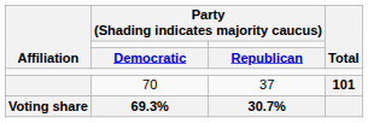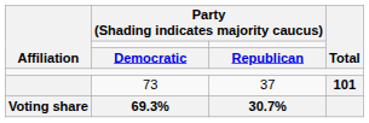 <table class=wikitable style="text-align:center">
 <tr style="vertical-align:bottom;">
 <th rowspan=3>Affiliation</th>
 <th colspan=2>Party <div>(Shading indicates majority caucus)</div></th>
 <th rowspan=3>Total</th>
 </tr>
 <tr style="height:5px">
 <td style="background-color:"></td>
 <td style="background-color:"></td>
 </tr>
 <tr>
 <th><a href='#'>Democratic</a></th>
 <th><a href='#'>Republican</a></th>
 </tr>
 <tr>
 <td colspan=5></td>
 </tr>
 <tr>
 <th nowrap style="font-size:80%"></th>
-<td>70</td>
+<td>73</td>
 <td>37</td>
 <th>101</th>
 </tr>
 <tr>
 <th>Voting share</th>
 <th>69.3%</th>
 <th>30.7%</th>
 <th colspan=2></th>
 </tr>
 </table>
